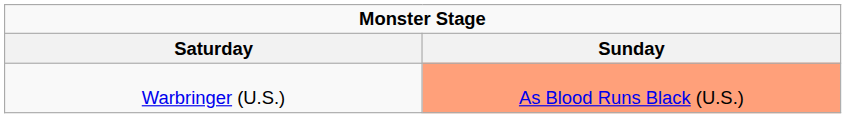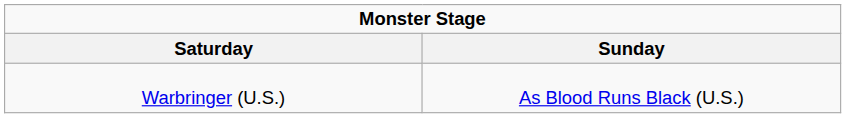 <table class="wikitable">
 <tr>
 <td colspan="2" align="center"><strong>Monster Stage</strong></td>
 </tr>
 <tr>
 <th>Saturday</th>
 <th>Sunday</th>
 </tr>
 <tr>
 <td valign="top" align="center" width=356><br><a href='#'>Warbringer</a> (U.S.)<br></td>
-<td valign="top" align="center" width=356 style="background: lightsalmon;"><br><a href='#'>As Blood Runs Black</a> (U.S.)<br></td>
+<td valign="top" align="center" width=356><br><a href='#'>As Blood Runs Black</a> (U.S.)<br></td>
 </tr>
 </table>
